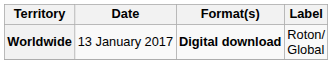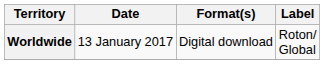 <table class="wikitable plainrowheaders">
 <tr>
 <th scope="col">Territory</th>
 <th scope="col">Date</th>
 <th scope="col">Format(s)</th>
 <th scope="col">Label</th>
 </tr>
 <tr>
 <th scope="row">Worldwide</th>
 <td>13 January 2017</td>
-<td><strong>Digital download</strong></td>
+<td>Digital download</td>
 <td>Roton/<br>Global</td>
 </tr>
 <tr>
 </tr>
 </table>
